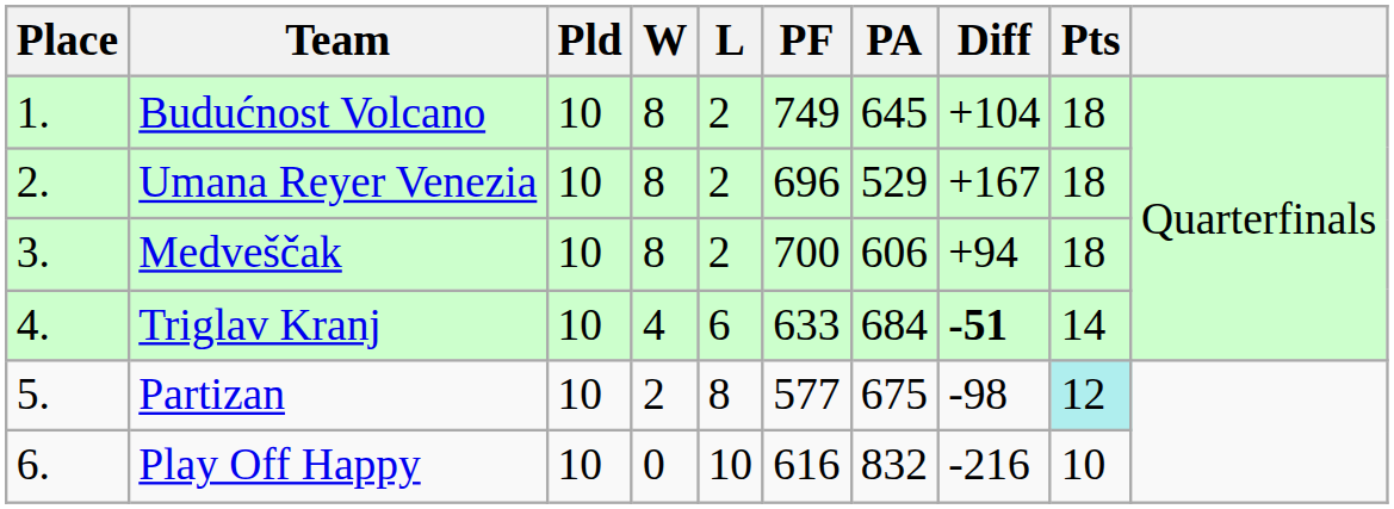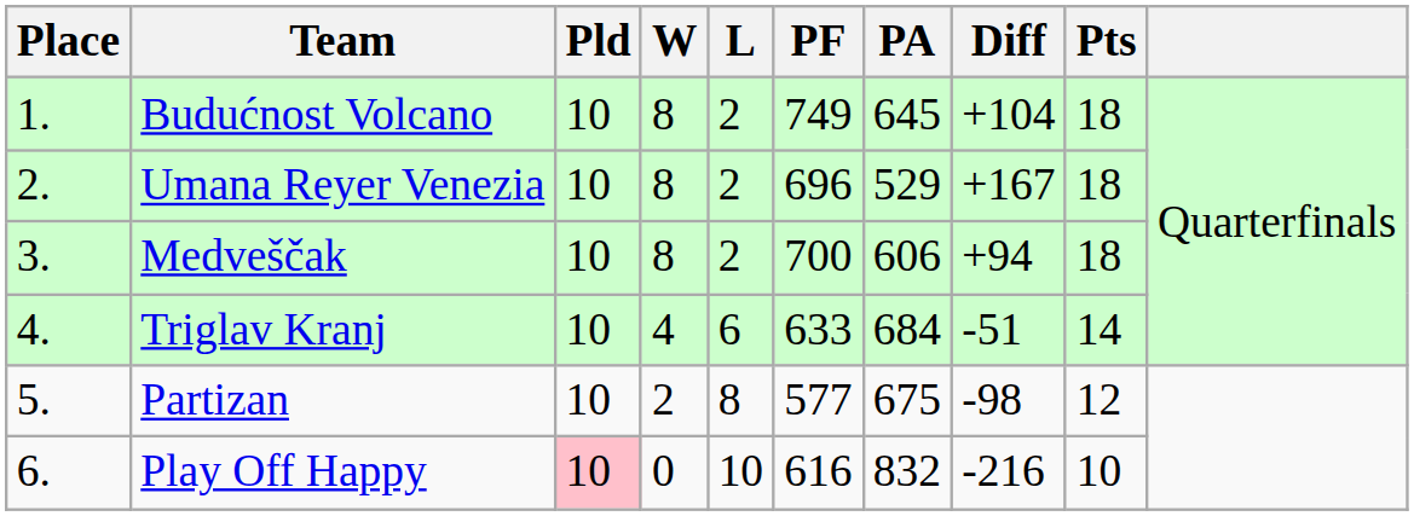 <table class="wikitable">
 <tr>
 <th>Place</th>
 <th>Team</th>
 <th>Pld</th>
 <th>W</th>
 <th>L</th>
 <th>PF</th>
 <th>PA</th>
 <th>Diff</th>
 <th>Pts</th>
 <th></th>
 </tr>
 <tr bgcolor=#ccffcc>
 <td>1.</td>
 <td> <a href='#'>Budućnost Volcano</a></td>
 <td>10</td>
 <td>8</td>
 <td>2</td>
 <td>749</td>
 <td>645</td>
 <td>+104</td>
 <td>18</td>
 <td rowspan="4">Quarterfinals</td>
 </tr>
 <tr bgcolor=#ccffcc>
 <td>2.</td>
 <td> <a href='#'>Umana Reyer Venezia</a></td>
 <td>10</td>
 <td>8</td>
 <td>2</td>
 <td>696</td>
 <td>529</td>
 <td>+167</td>
 <td>18</td>
 </tr>
 <tr bgcolor=#ccffcc>
 <td>3.</td>
 <td> <a href='#'>Medveščak</a></td>
 <td>10</td>
 <td>8</td>
 <td>2</td>
 <td>700</td>
 <td>606</td>
 <td>+94</td>
 <td>18</td>
 </tr>
 <tr bgcolor=#ccffcc>
 <td>4.</td>
 <td> <a href='#'>Triglav Kranj</a></td>
 <td>10</td>
 <td>4</td>
 <td>6</td>
 <td>633</td>
 <td>684</td>
-<td><strong>-51</strong></td>
+<td>-51</td>
 <td>14</td>
 </tr>
 <tr>
 <td>5.</td>
 <td> <a href='#'>Partizan</a></td>
 <td>10</td>
 <td>2</td>
 <td>8</td>
 <td>577</td>
 <td>675</td>
 <td>-98</td>
-<td style="background: paleturquoise;">12</td>
+<td>12</td>
 <td rowspan="2"></td>
 </tr>
 <tr>
 <td>6.</td>
 <td> <a href='#'>Play Off Happy</a></td>
-<td>10</td>
+<td style="background: pink;">10</td>
 <td>0</td>
 <td>10</td>
 <td>616</td>
 <td>832</td>
 <td>-216</td>
 <td>10</td>
 </tr>
 </table>
